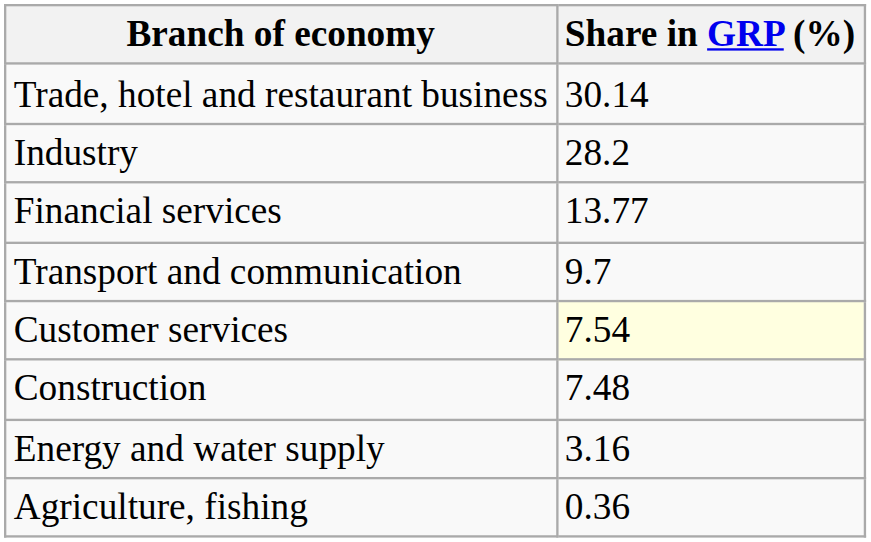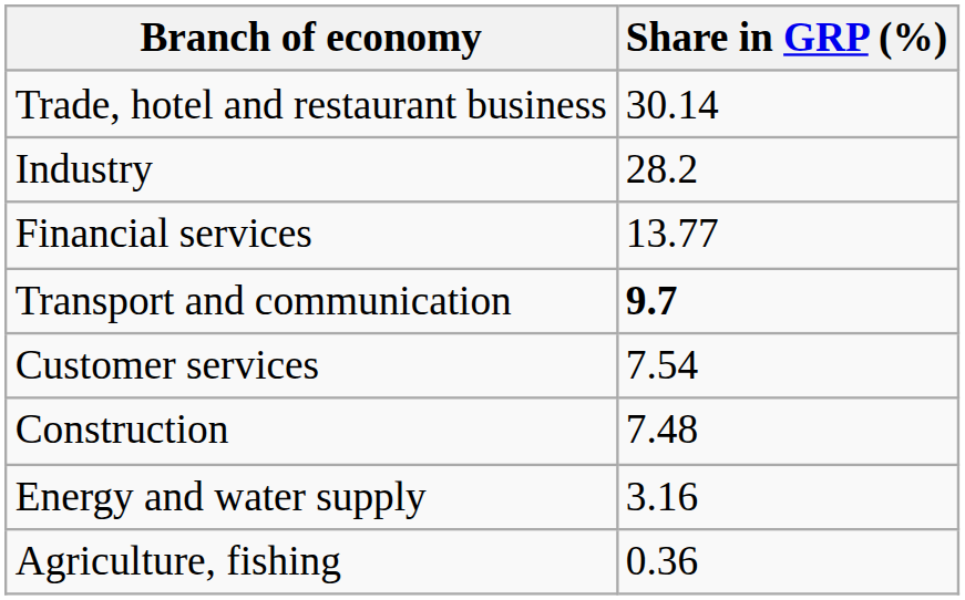 <table Class = "wikitable">
 <tr>
 <th>Branch of economy</th>
 <th>Share in <a href='#'>GRP</a> (%)</th>
 </tr>
 <tr>
 <td>Trade, hotel and restaurant business</td>
 <td>30.14</td>
 </tr>
 <tr>
 <td>Industry</td>
 <td>28.2</td>
 </tr>
 <tr>
 <td>Financial services</td>
 <td>13.77</td>
 </tr>
 <tr>
 <td>Transport and communication</td>
-<td>9.7</td>
+<td><strong>9.7</strong></td>
 </tr>
 <tr>
 <td>Customer services</td>
-<td style="background: lightyellow;">7.54</td>
+<td>7.54</td>
 </tr>
 <tr>
 <td>Construction</td>
 <td>7.48</td>
 </tr>
 <tr>
 <td>Energy and water supply</td>
 <td>3.16</td>
 </tr>
 <tr>
 <td>Agriculture, fishing</td>
 <td>0.36</td>
 </tr>
 </table>
